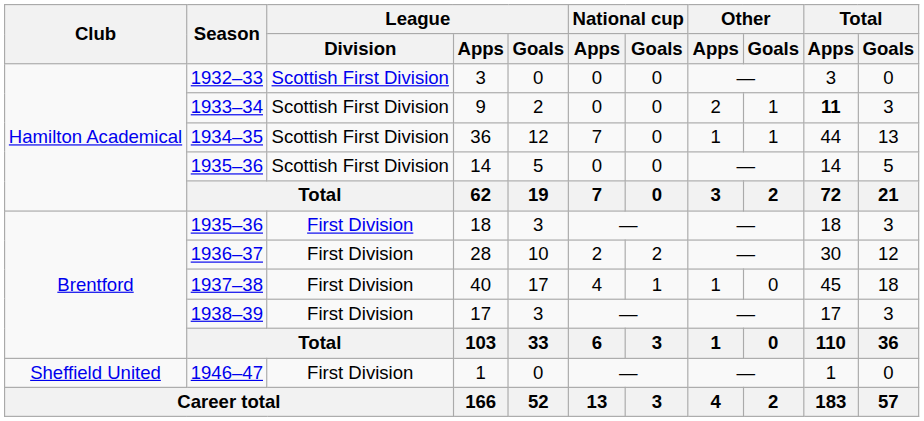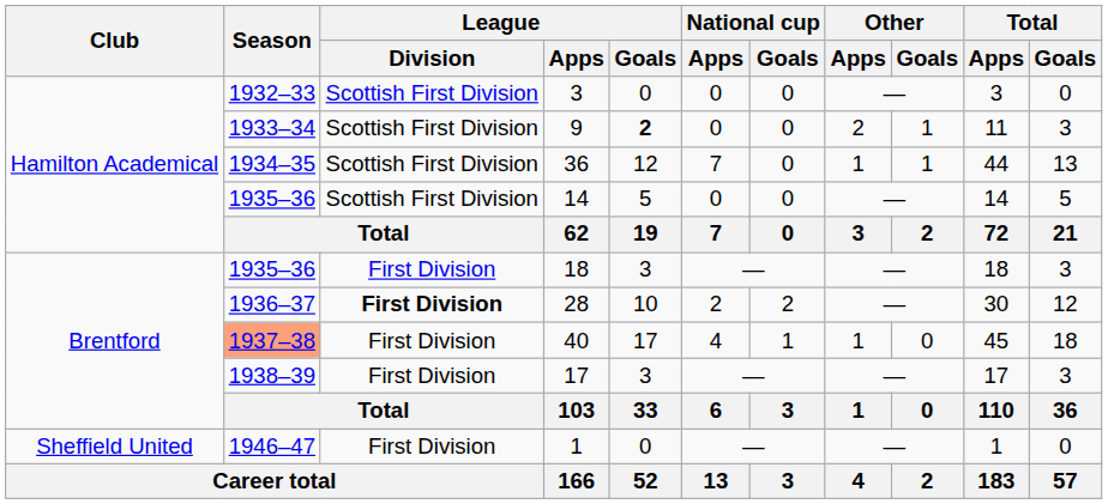 <table class="wikitable" style="text-align: center;">
 <tr>
 <th rowspan="2">Club</th>
 <th rowspan="2">Season</th>
 <th colspan="3">League</th>
 <th colspan="2">National cup</th>
 <th colspan="2">Other</th>
 <th colspan="2">Total</th>
 </tr>
 <tr>
 <th>Division</th>
 <th>Apps</th>
 <th>Goals</th>
 <th>Apps</th>
 <th>Goals</th>
 <th>Apps</th>
 <th>Goals</th>
 <th>Apps</th>
 <th>Goals</th>
 </tr>
 <tr>
 <td rowspan="5"><a href='#'>Hamilton Academical</a></td>
 <td><a href='#'>1932–33</a></td>
 <td><a href='#'>Scottish First Division</a></td>
 <td>3</td>
 <td>0</td>
 <td>0</td>
 <td>0</td>
 <td colspan="2">—</td>
 <td>3</td>
 <td>0</td>
 </tr>
 <tr>
 <td><a href='#'>1933–34</a></td>
 <td>Scottish First Division</td>
 <td>9</td>
-<td>2</td>
+<td><strong>2</strong></td>
 <td>0</td>
 <td>0</td>
 <td>2</td>
 <td>1</td>
-<td><strong>11</strong></td>
+<td>11</td>
 <td>3</td>
 </tr>
 <tr>
 <td><a href='#'>1934–35</a></td>
 <td>Scottish First Division</td>
 <td>36</td>
 <td>12</td>
 <td>7</td>
 <td>0</td>
 <td>1</td>
 <td>1</td>
 <td>44</td>
 <td>13</td>
 </tr>
 <tr>
 <td><a href='#'>1935–36</a></td>
 <td>Scottish First Division</td>
 <td>14</td>
 <td>5</td>
 <td>0</td>
 <td>0</td>
 <td colspan="2">—</td>
 <td>14</td>
 <td>5</td>
 </tr>
 <tr>
 <th colspan="2">Total</th>
 <th>62</th>
 <th>19</th>
 <th>7</th>
 <th>0</th>
 <th>3</th>
 <th>2</th>
 <th>72</th>
 <th>21</th>
 </tr>
 <tr>
 <td rowspan="5"><a href='#'>Brentford</a></td>
 <td><a href='#'>1935–36</a></td>
 <td><a href='#'>First Division</a></td>
 <td>18</td>
 <td>3</td>
 <td colspan="2">—</td>
 <td colspan="2">—</td>
 <td>18</td>
 <td>3</td>
 </tr>
 <tr>
 <td><a href='#'>1936–37</a></td>
-<td>First Division</td>
+<td><strong>First Division</strong></td>
 <td>28</td>
 <td>10</td>
 <td>2</td>
 <td>2</td>
 <td colspan="2">—</td>
 <td>30</td>
 <td>12</td>
 </tr>
 <tr>
-<td><a href='#'>1937–38</a></td>
+<td style="background: lightsalmon;"><a href='#'>1937–38</a></td>
 <td>First Division</td>
 <td>40</td>
 <td>17</td>
 <td>4</td>
 <td>1</td>
 <td>1</td>
 <td>0</td>
 <td>45</td>
 <td>18</td>
 </tr>
 <tr>
 <td><a href='#'>1938–39</a></td>
 <td>First Division</td>
 <td>17</td>
 <td>3</td>
 <td colspan="2">—</td>
 <td colspan="2">—</td>
 <td>17</td>
 <td>3</td>
 </tr>
 <tr>
 <th colspan="2">Total</th>
 <th>103</th>
 <th>33</th>
 <th>6</th>
 <th>3</th>
 <th>1</th>
 <th>0</th>
 <th>110</th>
 <th>36</th>
 </tr>
 <tr>
 <td><a href='#'>Sheffield United</a></td>
 <td><a href='#'>1946–47</a></td>
 <td>First Division</td>
 <td>1</td>
 <td>0</td>
 <td colspan="2">—</td>
 <td colspan="2">—</td>
 <td>1</td>
 <td>0</td>
 </tr>
 <tr>
 <th colspan="3">Career total</th>
 <th>166</th>
 <th>52</th>
 <th>13</th>
 <th>3</th>
 <th>4</th>
 <th>2</th>
 <th>183</th>
 <th>57</th>
 </tr>
 </table>
